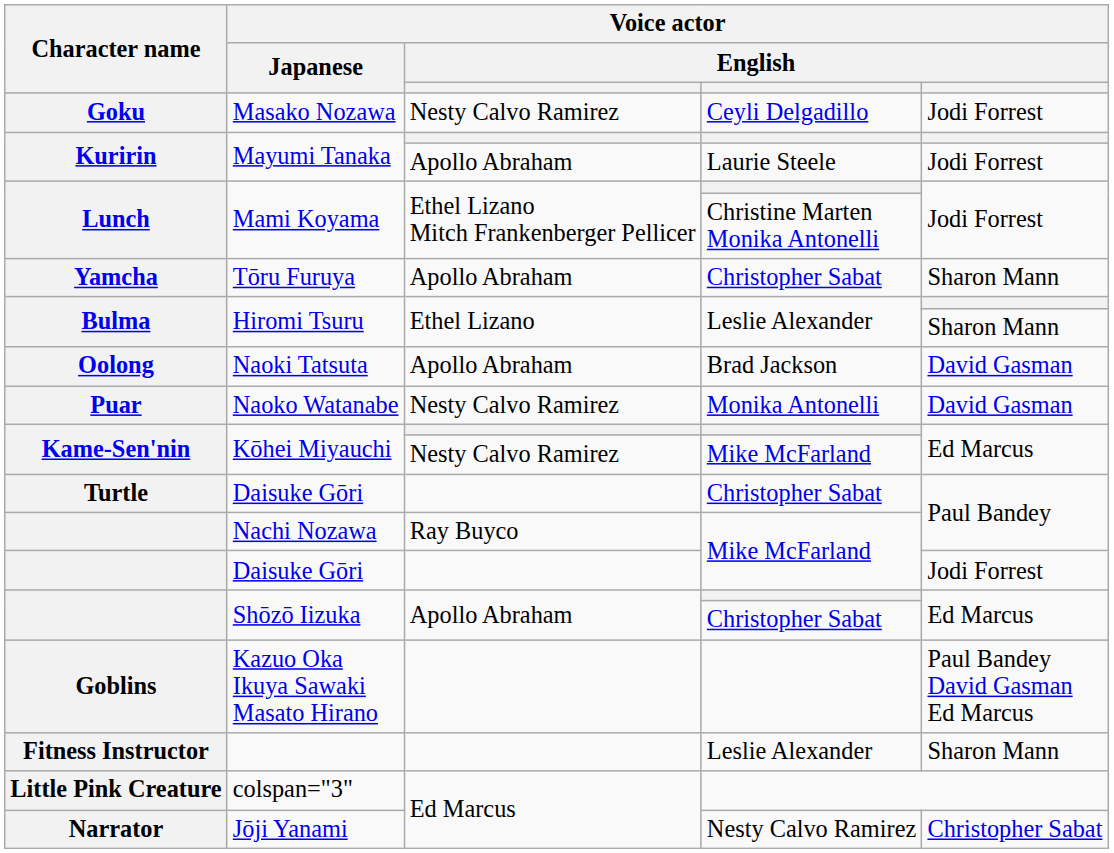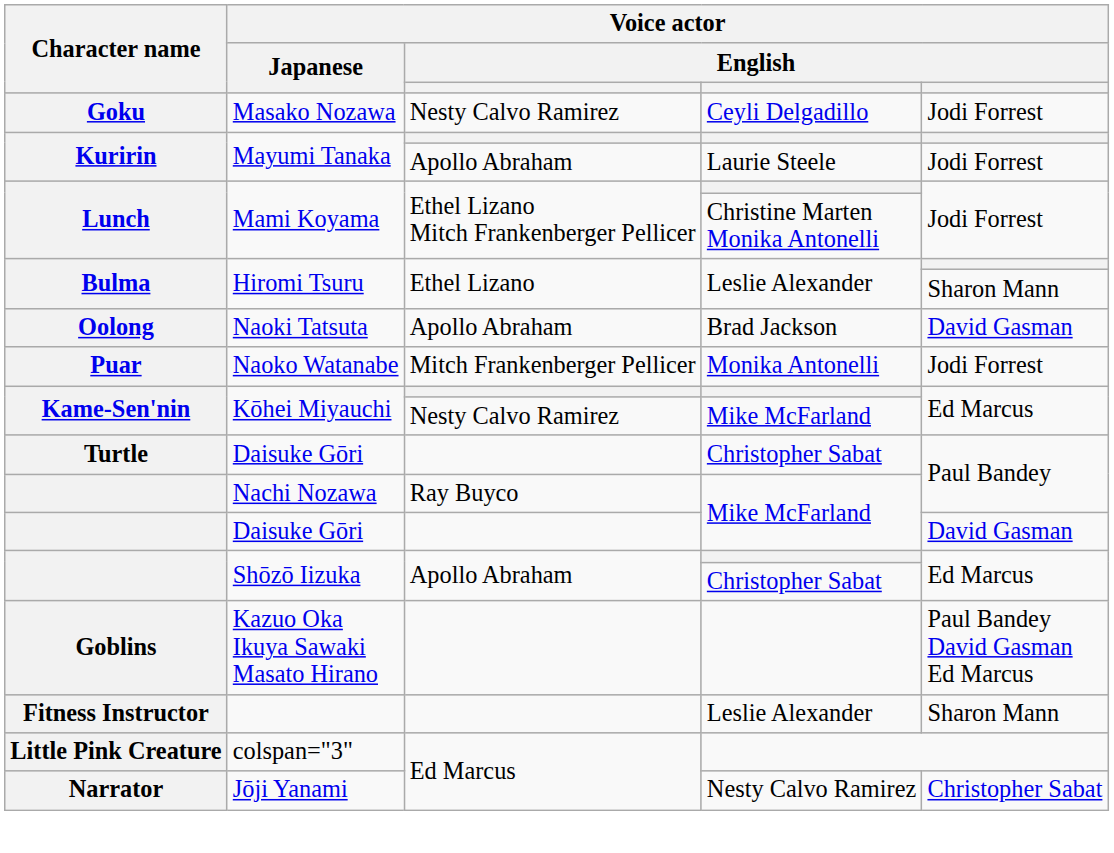 <table class="wikitable plainrowheaders">
 <tr>
 <th rowspan="3">Character name</th>
 <th colspan="4">Voice actor</th>
 </tr>
 <tr>
 <th rowspan="2">Japanese</th>
 <th colspan="3">English</th>
 </tr>
 <tr>
 <th></th>
 <th></th>
 <th></th>
 </tr>
 <tr>
 <th scope="row"><a href='#'>Goku</a></th>
 <td><a href='#'>Masako Nozawa</a></td>
 <td>Nesty Calvo Ramirez</td>
 <td><a href='#'>Ceyli Delgadillo</a></td>
 <td>Jodi Forrest</td>
 </tr>
 <tr>
 <th scope="row" rowspan="2"><a href='#'>Kuririn</a></th>
 <td rowspan="2"><a href='#'>Mayumi Tanaka</a></td>
 <th></th>
 <th></th>
 <th></th>
 </tr>
 <tr>
 <td>Apollo Abraham</td>
 <td>Laurie Steele</td>
 <td>Jodi Forrest</td>
 </tr>
 <tr>
 <th scope="row" rowspan="2"><a href='#'>Lunch</a></th>
 <td rowspan="2"><a href='#'>Mami Koyama</a></td>
 <td rowspan="2">Ethel Lizano <br>Mitch Frankenberger Pellicer </td>
 <th></th>
 <td rowspan="2">Jodi Forrest</td>
 </tr>
 <tr>
 <td>Christine Marten <br><a href='#'>Monika Antonelli</a> </td>
 </tr>
 <tr>
-<th scope="row"><a href='#'>Yamcha</a></th>
-<td><a href='#'>Tōru Furuya</a></td>
-<td>Apollo Abraham</td>
-<td><a href='#'>Christopher Sabat</a></td>
-<td>Sharon Mann</td>
-</tr>
-<tr>
 <th scope="row" rowspan="2"><a href='#'>Bulma</a></th>
 <td rowspan="2"><a href='#'>Hiromi Tsuru</a></td>
 <td rowspan="2">Ethel Lizano</td>
 <td rowspan="2">Leslie Alexander</td>
 <th></th>
 </tr>
 <tr>
 <td>Sharon Mann</td>
 </tr>
 <tr>
 <th scope="row"><a href='#'>Oolong</a></th>
 <td><a href='#'>Naoki Tatsuta</a></td>
 <td>Apollo Abraham</td>
 <td>Brad Jackson</td>
 <td><a href='#'>David Gasman</a></td>
 </tr>
 <tr>
 <th scope="row"><a href='#'>Puar</a></th>
 <td><a href='#'>Naoko Watanabe</a></td>
-<td>Nesty Calvo Ramirez</td>
+<td>Mitch Frankenberger Pellicer</td>
 <td><a href='#'>Monika Antonelli</a></td>
-<td><a href='#'>David Gasman</a></td>
+<td>Jodi Forrest</td>
 </tr>
 <tr>
 <th scope="row" rowspan="2"><a href='#'>Kame-Sen'nin</a></th>
 <td rowspan="2"><a href='#'>Kōhei Miyauchi</a></td>
 <th></th>
 <th></th>
 <td rowspan="2">Ed Marcus</td>
 </tr>
 <tr>
 <td>Nesty Calvo Ramirez</td>
 <td><a href='#'>Mike McFarland</a></td>
 </tr>
 <tr>
 <th scope="row">Turtle</th>
 <td><a href='#'>Daisuke Gōri</a></td>
 <td></td>
 <td><a href='#'>Christopher Sabat</a></td>
 <td rowspan="2">Paul Bandey</td>
 </tr>
 <tr>
 <th scope="row"></th>
 <td><a href='#'>Nachi Nozawa</a></td>
 <td>Ray Buyco</td>
 <td rowspan="2"><a href='#'>Mike McFarland</a></td>
 </tr>
 <tr>
 <th scope="row"></th>
 <td><a href='#'>Daisuke Gōri</a></td>
 <td></td>
-<td>Jodi Forrest</td>
+<td><a href='#'>David Gasman</a></td>
 </tr>
 <tr>
 <th rowspan="2" scope="row"></th>
 <td rowspan="2"><a href='#'>Shōzō Iizuka</a></td>
 <td rowspan="2">Apollo Abraham</td>
 <th></th>
 <td rowspan="2">Ed Marcus</td>
 </tr>
 <tr>
 <td><a href='#'>Christopher Sabat</a></td>
 </tr>
 <tr>
 <th scope="row">Goblins</th>
 <td><a href='#'>Kazuo Oka</a><br><a href='#'>Ikuya Sawaki</a><br><a href='#'>Masato Hirano</a><br></td>
 <td></td>
 <td></td>
 <td>Paul Bandey<br><a href='#'>David Gasman</a><br>Ed Marcus</td>
 </tr>
 <tr>
 <th scope="row">Fitness Instructor</th>
 <td></td>
 <td></td>
 <td>Leslie Alexander</td>
 <td>Sharon Mann</td>
 </tr>
 <tr>
 <th scope="row">Little Pink Creature</th>
 <td>colspan="3" </td>
 <td rowspan="2">Ed Marcus</td>
 </tr>
 <tr>
 <th scope="row">Narrator</th>
 <td><a href='#'>Jōji Yanami</a></td>
 <td>Nesty Calvo Ramirez</td>
 <td><a href='#'>Christopher Sabat</a></td>
 </tr>
 </table>
